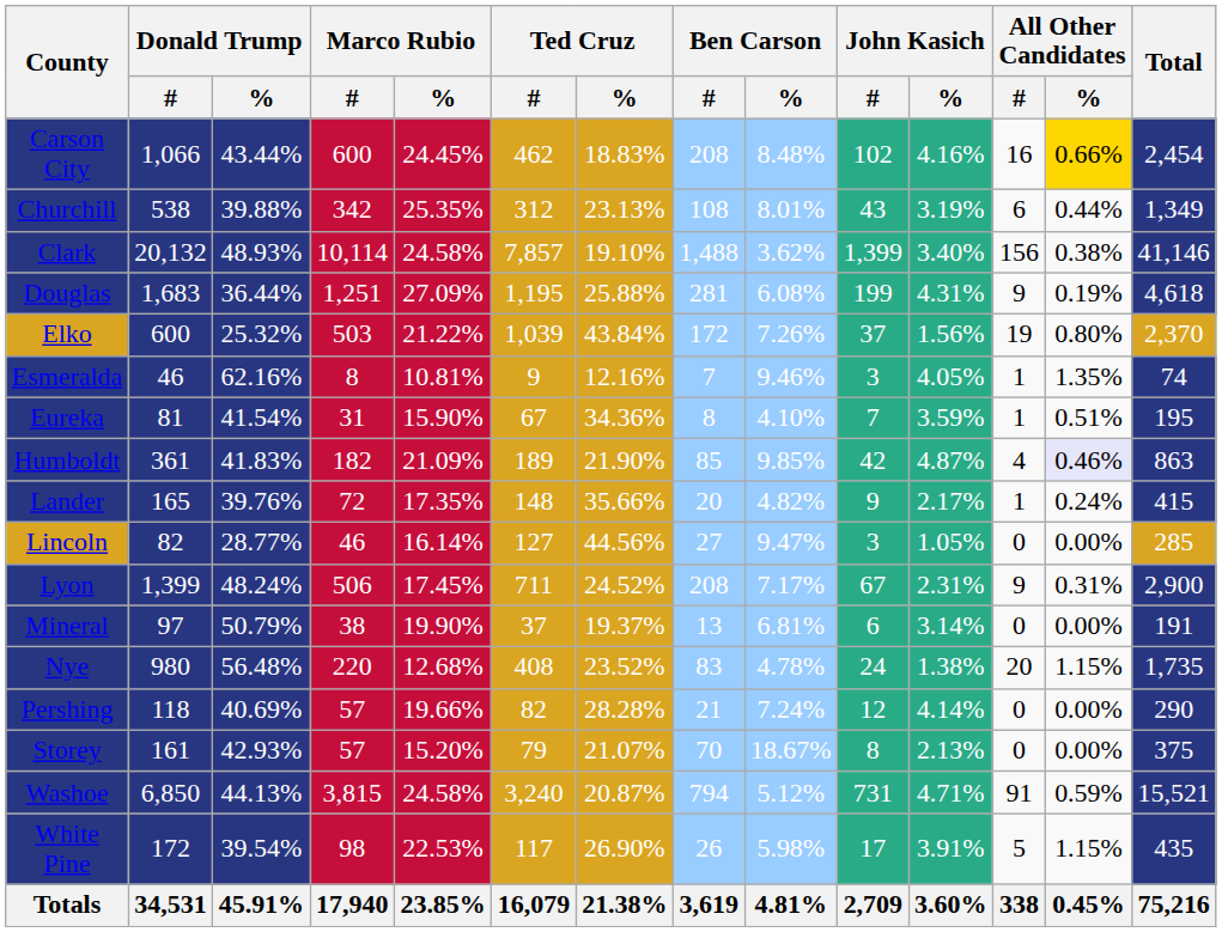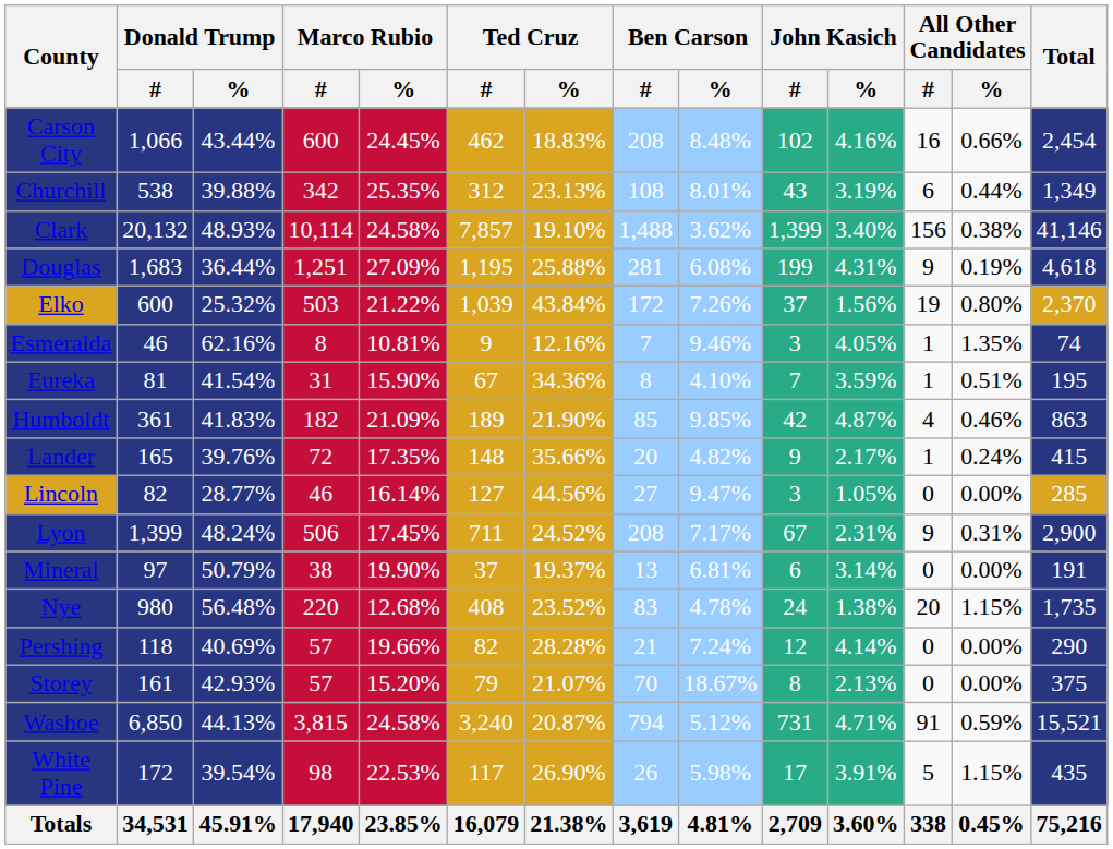 <table class="wikitable sortable" width="60%" style="text-align:center">
 <tr>
 <th rowspan="2" style="text-align:center;">County</th>
 <th colspan="2" style="text-align:center;">Donald Trump</th>
 <th colspan="2" style="text-align:center;">Marco Rubio</th>
 <th colspan="2" style="text-align:center;">Ted Cruz</th>
 <th colspan="2" style="text-align:center;">Ben Carson</th>
 <th colspan="2">John Kasich</th>
 <th colspan="2">All Other Candidates</th>
 <th rowspan="2" style="text-align:center;">Total</th>
 </tr>
 <tr>
 <th data-sort-type="number" style="text-align:center;">#</th>
 <th data-sort-type="number" style="text-align:center;">%</th>
 <th data-sort-type="number" style="text-align:center;">#</th>
 <th data-sort-type="number" style="text-align:center;">%</th>
 <th data-sort-type="number" style="text-align:center;">#</th>
 <th data-sort-type="number" style="text-align:center;">%</th>
 <th data-sort-type="number" style="text-align:center;">#</th>
 <th data-sort-type="number" style="text-align:center;">%</th>
 <th>#</th>
 <th>%</th>
 <th>#</th>
 <th>%</th>
 </tr>
 <tr style="text-align:center;">
 <td style="color:white; background:#283681;"><a href='#'>Carson City</a></td>
 <td style="color:white; background:#283681;">1,066</td>
 <td style="color:white; background:#283681;">43.44%</td>
 <td style="color:white; background:#C60E3B;">600</td>
 <td style="color:white; background:#C60E3B;">24.45%</td>
 <td style="color:white; background:#DAA520;">462</td>
 <td style="color:white; background:#DAA520;">18.83%</td>
 <td style="color:white; background:#99CCFF;">208</td>
 <td style="color:white; background:#99CCFF;">8.48%</td>
 <td style="color:white; background:#29AB87;">102</td>
 <td style="color:white; background:#29AB87;">4.16%</td>
 <td>16</td>
-<td style="background: gold;">0.66%</td>
+<td>0.66%</td>
 <td style="color:white; background:#283681;">2,454</td>
 </tr>
 <tr style="text-align:center;">
 <td style="color:white; background:#283681;"><a href='#'>Churchill</a></td>
 <td style="color:white; background:#283681;">538</td>
 <td style="color:white; background:#283681;">39.88%</td>
 <td style="color:white; background:#C60E3B;">342</td>
 <td style="color:white; background:#C60E3B;">25.35%</td>
 <td style="color:white; background:#DAA520;">312</td>
 <td style="color:white; background:#DAA520;">23.13%</td>
 <td style="color:white; background:#99CCFF;">108</td>
 <td style="color:white; background:#99CCFF;">8.01%</td>
 <td style="color:white; background:#29AB87;">43</td>
 <td style="color:white; background:#29AB87;">3.19%</td>
 <td>6</td>
 <td>0.44%</td>
 <td style="color:white; background:#283681;">1,349</td>
 </tr>
 <tr style="text-align:center;">
 <td style="color:white; background:#283681;"><a href='#'>Clark</a></td>
 <td style="color:white; background:#283681;">20,132</td>
 <td style="color:white; background:#283681;">48.93%</td>
 <td style="color:white; background:#C60E3B;">10,114</td>
 <td style="color:white; background:#C60E3B;">24.58%</td>
 <td style="color:white; background:#DAA520;">7,857</td>
 <td style="color:white; background:#DAA520;">19.10%</td>
 <td style="color:white; background:#99CCFF;">1,488</td>
 <td style="color:white; background:#99CCFF;">3.62%</td>
 <td style="color:white; background:#29AB87;">1,399</td>
 <td style="color:white; background:#29AB87;">3.40%</td>
 <td>156</td>
 <td>0.38%</td>
 <td style="color:white; background:#283681;">41,146</td>
 </tr>
 <tr style="text-align:center;">
 <td style="color:white; background:#283681;"><a href='#'>Douglas</a></td>
 <td style="color:white; background:#283681;">1,683</td>
 <td style="color:white; background:#283681;">36.44%</td>
 <td style="color:white; background:#C60E3B;">1,251</td>
 <td style="color:white; background:#C60E3B;">27.09%</td>
 <td style="color:white; background:#DAA520;">1,195</td>
 <td style="color:white; background:#DAA520;">25.88%</td>
 <td style="color:white; background:#99CCFF;">281</td>
 <td style="color:white; background:#99CCFF;">6.08%</td>
 <td style="color:white; background:#29AB87;">199</td>
 <td style="color:white; background:#29AB87;">4.31%</td>
 <td>9</td>
 <td>0.19%</td>
 <td style="color:white; background:#283681;">4,618</td>
 </tr>
 <tr style="text-align:center;">
 <td style="color:white; background:#DAA520;"><a href='#'>Elko</a></td>
 <td style="color:white; background:#283681;">600</td>
 <td style="color:white; background:#283681;">25.32%</td>
 <td style="color:white; background:#C60E3B;">503</td>
 <td style="color:white; background:#C60E3B;">21.22%</td>
 <td style="color:white; background:#DAA520;">1,039</td>
 <td style="color:white; background:#DAA520;">43.84%</td>
 <td style="color:white; background:#99CCFF;">172</td>
 <td style="color:white; background:#99CCFF;">7.26%</td>
 <td style="color:white; background:#29AB87;">37</td>
 <td style="color:white; background:#29AB87;">1.56%</td>
 <td>19</td>
 <td>0.80%</td>
 <td style="color:white; background:#DAA520;">2,370</td>
 </tr>
 <tr style="text-align:center;">
 <td style="color:white; background:#283681;"><a href='#'>Esmeralda</a></td>
 <td style="color:white; background:#283681;">46</td>
 <td style="color:white; background:#283681;">62.16%</td>
 <td style="color:white; background:#C60E3B;">8</td>
 <td style="color:white; background:#C60E3B;">10.81%</td>
 <td style="color:white; background:#DAA520;">9</td>
 <td style="color:white; background:#DAA520;">12.16%</td>
 <td style="color:white; background:#99CCFF;">7</td>
 <td style="color:white; background:#99CCFF;">9.46%</td>
 <td style="color:white; background:#29AB87;">3</td>
 <td style="color:white; background:#29AB87;">4.05%</td>
 <td>1</td>
 <td>1.35%</td>
 <td style="color:white; background:#283681;">74</td>
 </tr>
 <tr style="text-align:center;">
 <td style="color:white; background:#283681;"><a href='#'>Eureka</a></td>
 <td style="color:white; background:#283681;">81</td>
 <td style="color:white; background:#283681;">41.54%</td>
 <td style="color:white; background:#C60E3B;">31</td>
 <td style="color:white; background:#C60E3B;">15.90%</td>
 <td style="color:white; background:#DAA520;">67</td>
 <td style="color:white; background:#DAA520;">34.36%</td>
 <td style="color:white; background:#99CCFF;">8</td>
 <td style="color:white; background:#99CCFF;">4.10%</td>
 <td style="color:white; background:#29AB87;">7</td>
 <td style="color:white; background:#29AB87;">3.59%</td>
 <td>1</td>
 <td>0.51%</td>
 <td style="color:white; background:#283681;">195</td>
 </tr>
 <tr style="text-align:center;">
 <td style="color:white; background:#283681;"><a href='#'>Humboldt</a></td>
 <td style="color:white; background:#283681;">361</td>
 <td style="color:white; background:#283681;">41.83%</td>
 <td style="color:white; background:#C60E3B;">182</td>
 <td style="color:white; background:#C60E3B;">21.09%</td>
 <td style="color:white; background:#DAA520;">189</td>
 <td style="color:white; background:#DAA520;">21.90%</td>
 <td style="color:white; background:#99CCFF;">85</td>
 <td style="color:white; background:#99CCFF;">9.85%</td>
 <td style="color:white; background:#29AB87;">42</td>
 <td style="color:white; background:#29AB87;">4.87%</td>
 <td>4</td>
-<td style="background: lavender;">0.46%</td>
+<td>0.46%</td>
 <td style="color:white; background:#283681;">863</td>
 </tr>
 <tr style="text-align:center;">
 <td style="color:white; background:#283681;"><a href='#'>Lander</a></td>
 <td style="color:white; background:#283681;">165</td>
 <td style="color:white; background:#283681;">39.76%</td>
 <td style="color:white; background:#C60E3B;">72</td>
 <td style="color:white; background:#C60E3B;">17.35%</td>
 <td style="color:white; background:#DAA520;">148</td>
 <td style="color:white; background:#DAA520;">35.66%</td>
 <td style="color:white; background:#99CCFF;">20</td>
 <td style="color:white; background:#99CCFF;">4.82%</td>
 <td style="color:white; background:#29AB87;">9</td>
 <td style="color:white; background:#29AB87;">2.17%</td>
 <td>1</td>
 <td>0.24%</td>
 <td style="color:white; background:#283681;">415</td>
 </tr>
 <tr style="text-align:center;">
 <td style="color:white; background:#DAA520;"><a href='#'>Lincoln</a></td>
 <td style="color:white; background:#283681;">82</td>
 <td style="color:white; background:#283681;">28.77%</td>
 <td style="color:white; background:#C60E3B;">46</td>
 <td style="color:white; background:#C60E3B;">16.14%</td>
 <td style="color:white; background:#DAA520;">127</td>
 <td style="color:white; background:#DAA520;">44.56%</td>
 <td style="color:white; background:#99CCFF;">27</td>
 <td style="color:white; background:#99CCFF;">9.47%</td>
 <td style="color:white; background:#29AB87;">3</td>
 <td style="color:white; background:#29AB87;">1.05%</td>
 <td>0</td>
 <td>0.00%</td>
 <td style="color:white; background:#DAA520;">285</td>
 </tr>
 <tr style="text-align:center;">
 <td style="color:white; background:#283681;"><a href='#'>Lyon</a></td>
 <td style="color:white; background:#283681;">1,399</td>
 <td style="color:white; background:#283681;">48.24%</td>
 <td style="color:white; background:#C60E3B;">506</td>
 <td style="color:white; background:#C60E3B;">17.45%</td>
 <td style="color:white; background:#DAA520;">711</td>
 <td style="color:white; background:#DAA520;">24.52%</td>
 <td style="color:white; background:#99CCFF;">208</td>
 <td style="color:white; background:#99CCFF;">7.17%</td>
 <td style="color:white; background:#29AB87;">67</td>
 <td style="color:white; background:#29AB87;">2.31%</td>
 <td>9</td>
 <td>0.31%</td>
 <td style="color:white; background:#283681;">2,900</td>
 </tr>
 <tr style="text-align:center;">
 <td style="color:white; background:#283681;"><a href='#'>Mineral</a></td>
 <td style="color:white; background:#283681;">97</td>
 <td style="color:white; background:#283681;">50.79%</td>
 <td style="color:white; background:#C60E3B;">38</td>
 <td style="color:white; background:#C60E3B;">19.90%</td>
 <td style="color:white; background:#DAA520;">37</td>
 <td style="color:white; background:#DAA520;">19.37%</td>
 <td style="color:white; background:#99CCFF;">13</td>
 <td style="color:white; background:#99CCFF;">6.81%</td>
 <td style="color:white; background:#29AB87;">6</td>
 <td style="color:white; background:#29AB87;">3.14%</td>
 <td>0</td>
 <td>0.00%</td>
 <td style="color:white; background:#283681;">191</td>
 </tr>
 <tr style="text-align:center;">
 <td style="color:white; background:#283681;"><a href='#'>Nye</a></td>
 <td style="color:white; background:#283681;">980</td>
 <td style="color:white; background:#283681;">56.48%</td>
 <td style="color:white; background:#C60E3B;">220</td>
 <td style="color:white; background:#C60E3B;">12.68%</td>
 <td style="color:white; background:#DAA520;">408</td>
 <td style="color:white; background:#DAA520;">23.52%</td>
 <td style="color:white; background:#99CCFF;">83</td>
 <td style="color:white; background:#99CCFF;">4.78%</td>
 <td style="color:white; background:#29AB87;">24</td>
 <td style="color:white; background:#29AB87;">1.38%</td>
 <td>20</td>
 <td>1.15%</td>
 <td style="color:white; background:#283681;">1,735</td>
 </tr>
 <tr style="text-align:center;">
 <td style="color:white; background:#283681;"><a href='#'>Pershing</a></td>
 <td style="color:white; background:#283681;">118</td>
 <td style="color:white; background:#283681;">40.69%</td>
 <td style="color:white; background:#C60E3B;">57</td>
 <td style="color:white; background:#C60E3B;">19.66%</td>
 <td style="color:white; background:#DAA520;">82</td>
 <td style="color:white; background:#DAA520;">28.28%</td>
 <td style="color:white; background:#99CCFF;">21</td>
 <td style="color:white; background:#99CCFF;">7.24%</td>
 <td style="color:white; background:#29AB87;">12</td>
 <td style="color:white; background:#29AB87;">4.14%</td>
 <td>0</td>
 <td>0.00%</td>
 <td style="color:white; background:#283681;">290</td>
 </tr>
 <tr style="text-align:center;">
 <td style="color:white; background:#283681;"><a href='#'>Storey</a></td>
 <td style="color:white; background:#283681;">161</td>
 <td style="color:white; background:#283681;">42.93%</td>
 <td style="color:white; background:#C60E3B;">57</td>
 <td style="color:white; background:#C60E3B;">15.20%</td>
 <td style="color:white; background:#DAA520;">79</td>
 <td style="color:white; background:#DAA520;">21.07%</td>
 <td style="color:white; background:#99CCFF;">70</td>
 <td style="color:white; background:#99CCFF;">18.67%</td>
 <td style="color:white; background:#29AB87;">8</td>
 <td style="color:white; background:#29AB87;">2.13%</td>
 <td>0</td>
 <td>0.00%</td>
 <td style="color:white; background:#283681;">375</td>
 </tr>
 <tr style="text-align:center;">
 <td style="color:white; background:#283681;"><a href='#'>Washoe</a></td>
 <td style="color:white; background:#283681;">6,850</td>
 <td style="color:white; background:#283681;">44.13%</td>
 <td style="color:white; background:#C60E3B;">3,815</td>
 <td style="color:white; background:#C60E3B;">24.58%</td>
 <td style="color:white; background:#DAA520;">3,240</td>
 <td style="color:white; background:#DAA520;">20.87%</td>
 <td style="color:white; background:#99CCFF;">794</td>
 <td style="color:white; background:#99CCFF;">5.12%</td>
 <td style="color:white; background:#29AB87;">731</td>
 <td style="color:white; background:#29AB87;">4.71%</td>
 <td>91</td>
 <td>0.59%</td>
 <td style="color:white; background:#283681;">15,521</td>
 </tr>
 <tr style="text-align:center;">
 <td style="color:white; background:#283681;"><a href='#'>White Pine</a></td>
 <td style="color:white; background:#283681;">172</td>
 <td style="color:white; background:#283681;">39.54%</td>
 <td style="color:white; background:#C60E3B;">98</td>
 <td style="color:white; background:#C60E3B;">22.53%</td>
 <td style="color:white; background:#DAA520;">117</td>
 <td style="color:white; background:#DAA520;">26.90%</td>
 <td style="color:white; background:#99CCFF;">26</td>
 <td style="color:white; background:#99CCFF;">5.98%</td>
 <td style="color:white; background:#29AB87;">17</td>
 <td style="color:white; background:#29AB87;">3.91%</td>
 <td>5</td>
 <td>1.15%</td>
 <td style="color:white; background:#283681;">435</td>
 </tr>
 <tr>
 <th>Totals</th>
 <th>34,531</th>
 <th>45.91%</th>
 <th>17,940</th>
 <th>23.85%</th>
 <th>16,079</th>
 <th>21.38%</th>
 <th>3,619</th>
 <th>4.81%</th>
 <th>2,709</th>
 <th>3.60%</th>
 <th>338</th>
 <th>0.45%</th>
 <th>75,216</th>
 </tr>
 </table>
